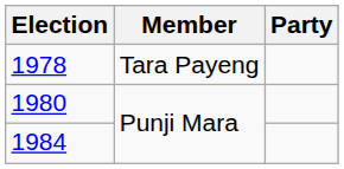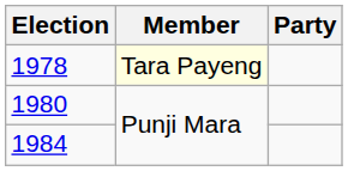 <table class="wikitable sortable">
 <tr>
 <th>Election</th>
 <th>Member</th>
 <th colspan=2>Party</th>
 </tr>
 <tr>
 <td><a href='#'>1978</a></td>
-<td>Tara Payeng</td>
+<td style="background: lightyellow;">Tara Payeng</td>
 <td></td>
 </tr>
 <tr>
 <td><a href='#'>1980</a></td>
 <td rowspan=2>Punji Mara</td>
 <td></td>
 </tr>
 <tr>
 <td><a href='#'>1984</a></td>
 <td></td>
 </tr>
 </table>
